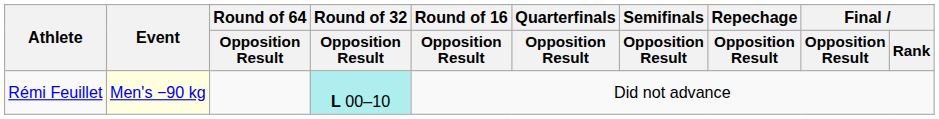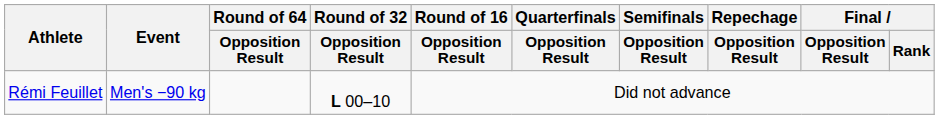 <table class="wikitable" style="font-size:90%">
 <tr>
 <th rowspan="2">Athlete</th>
 <th rowspan="2">Event</th>
 <th>Round of 64</th>
 <th>Round of 32</th>
 <th>Round of 16</th>
 <th>Quarterfinals</th>
 <th>Semifinals</th>
 <th>Repechage</th>
 <th colspan=2>Final / </th>
 </tr>
 <tr style="font-size:95%">
 <th>Opposition<br>Result</th>
 <th>Opposition<br>Result</th>
 <th>Opposition<br>Result</th>
 <th>Opposition<br>Result</th>
 <th>Opposition<br>Result</th>
 <th>Opposition<br>Result</th>
 <th>Opposition<br>Result</th>
 <th>Rank</th>
 </tr>
 <tr align=center>
 <td align=left><a href='#'>Rémi Feuillet</a></td>
-<td align=left style="background: lightyellow;"><a href='#'>Men's −90 kg</a></td>
+<td align=left><a href='#'>Men's −90 kg</a></td>
 <td></td>
-<td style="background: paleturquoise;"> <br> <strong>L</strong> 00–10</td>
+<td> <br> <strong>L</strong> 00–10</td>
 <td colspan="6">Did not advance</td>
 </tr>
 </table>
